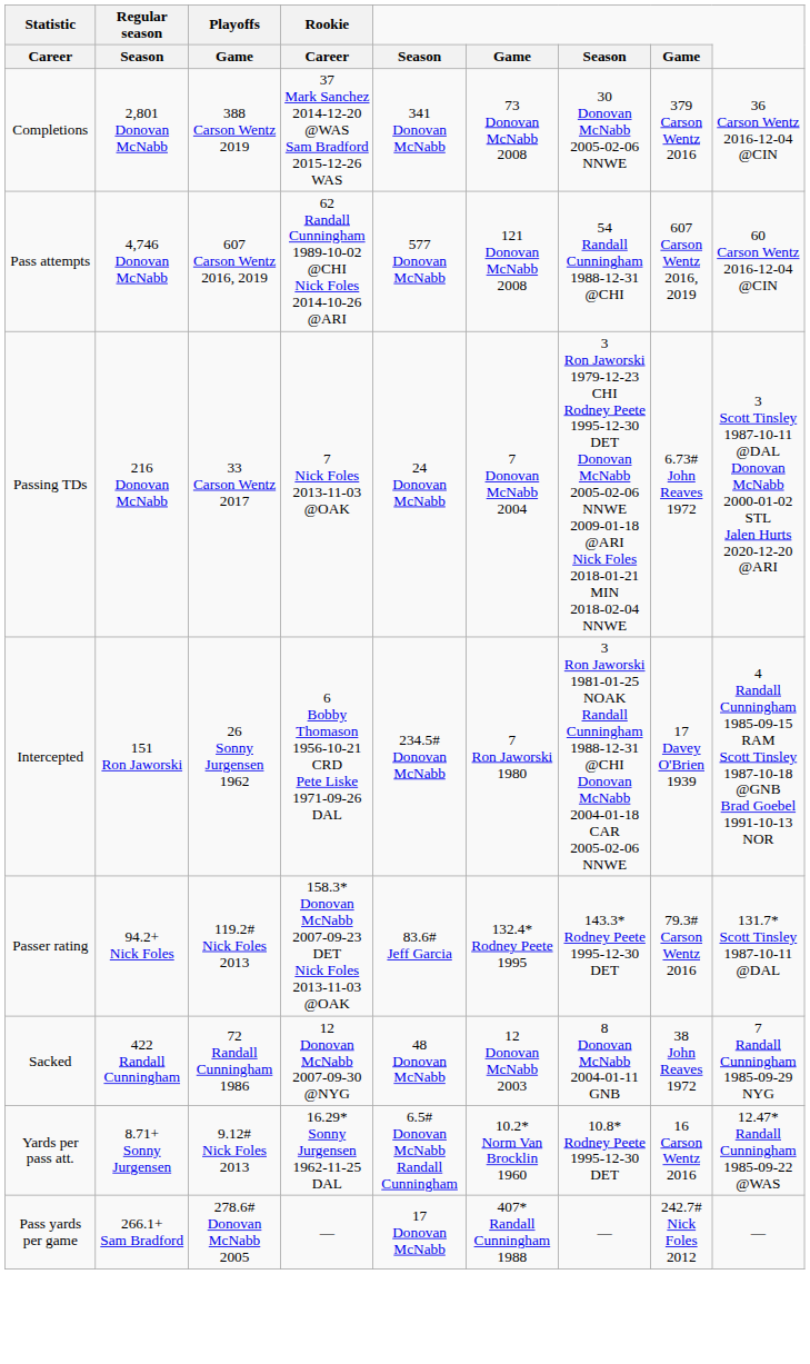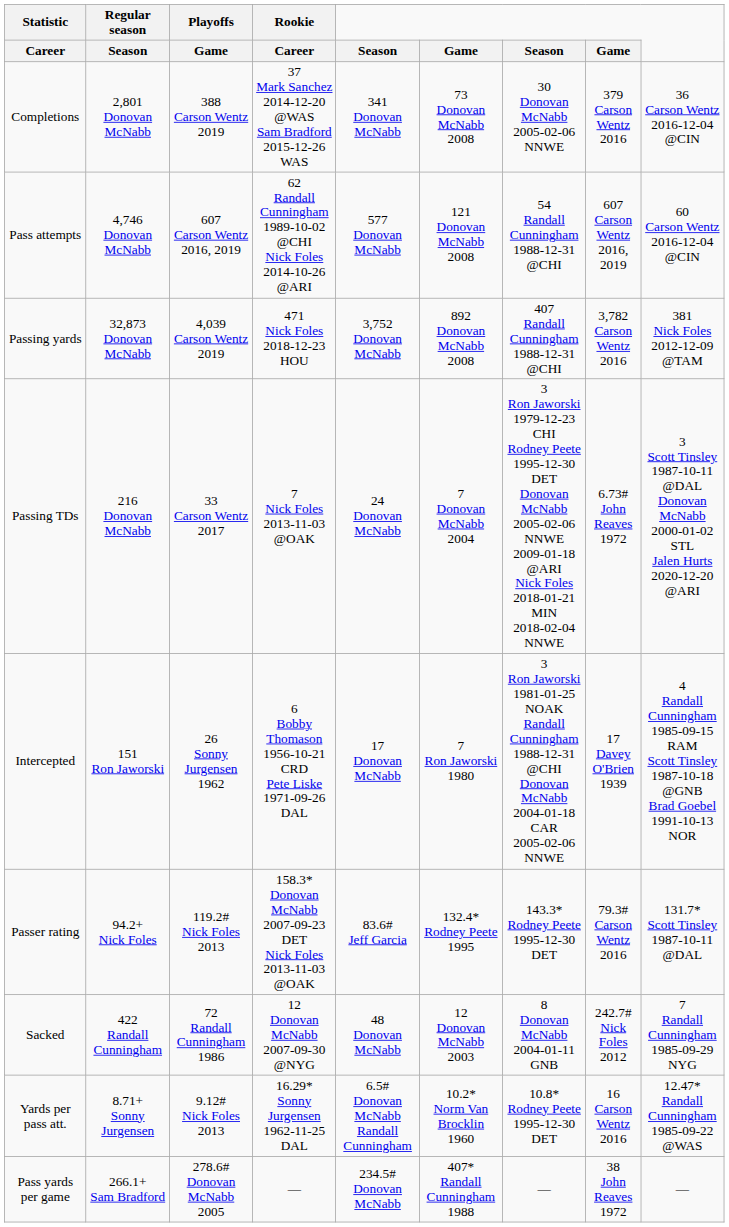 <table class="wikitable" style="text-align:center">
 <tr>
 <th>Statistic</th>
 <th>Regular season</th>
 <th>Playoffs</th>
 <th>Rookie</th>
 </tr>
 <tr>
 <th>Career</th>
 <th>Season</th>
 <th>Game</th>
 <th>Career</th>
 <th>Season</th>
 <th>Game</th>
 <th>Season</th>
 <th>Game</th>
 </tr>
 <tr>
 <td>Completions</td>
 <td>2,801<br><a href='#'>Donovan McNabb</a></td>
 <td>388<br><a href='#'>Carson Wentz</a><br>2019</td>
 <td>37<br><a href='#'>Mark Sanchez</a><br>2014-12-20 @WAS<br><a href='#'>Sam Bradford</a><br>2015-12-26 WAS</td>
 <td>341<br><a href='#'>Donovan McNabb</a></td>
 <td>73<br><a href='#'>Donovan McNabb</a><br>2008</td>
 <td>30<br><a href='#'>Donovan McNabb</a><br>2005-02-06 NNWE</td>
 <td>379<br><a href='#'>Carson Wentz</a><br>2016</td>
 <td>36<br><a href='#'>Carson Wentz</a><br>2016-12-04 @CIN</td>
 </tr>
 <tr>
 <td>Pass attempts</td>
 <td>4,746<br><a href='#'>Donovan McNabb</a></td>
 <td>607<br><a href='#'>Carson Wentz</a><br>2016, 2019</td>
 <td>62<br><a href='#'>Randall Cunningham</a><br>1989-10-02 @CHI<br><a href='#'>Nick Foles</a><br>2014-10-26 @ARI</td>
 <td>577<br><a href='#'>Donovan McNabb</a></td>
 <td>121<br><a href='#'>Donovan McNabb</a><br>2008</td>
 <td>54<br><a href='#'>Randall Cunningham</a><br>1988-12-31 @CHI</td>
 <td>607<br><a href='#'>Carson Wentz</a><br>2016, 2019</td>
 <td>60<br><a href='#'>Carson Wentz</a><br>2016-12-04 @CIN</td>
 </tr>
 <tr>
+<td>Passing yards</td>
+<td>32,873<br><a href='#'>Donovan McNabb</a></td>
+<td>4,039<br><a href='#'>Carson Wentz</a><br>2019</td>
+<td>471<br><a href='#'>Nick Foles</a><br>2018-12-23 HOU</td>
+<td>3,752<br><a href='#'>Donovan McNabb</a></td>
+<td>892<br><a href='#'>Donovan McNabb</a><br>2008</td>
+<td>407<br><a href='#'>Randall Cunningham</a><br>1988-12-31 @CHI</td>
+<td>3,782<br><a href='#'>Carson Wentz</a><br>2016</td>
+<td>381<br><a href='#'>Nick Foles</a><br>2012-12-09 @TAM</td>
+</tr>
+<tr>
 <td>Passing TDs</td>
 <td>216<br><a href='#'>Donovan McNabb</a></td>
 <td>33<br><a href='#'>Carson Wentz</a><br>2017</td>
 <td>7<br><a href='#'>Nick Foles</a><br>2013-11-03 @OAK</td>
 <td>24<br><a href='#'>Donovan McNabb</a></td>
 <td>7<br><a href='#'>Donovan McNabb</a><br>2004</td>
 <td>3<br><a href='#'>Ron Jaworski</a><br>1979-12-23 CHI<br><a href='#'>Rodney Peete</a><br>1995-12-30 DET<br><a href='#'>Donovan McNabb</a><br>2005-02-06 NNWE<br>2009-01-18 @ARI<br><a href='#'>Nick Foles</a><br>2018-01-21 MIN<br>2018-02-04 NNWE</td>
 <td>6.73#<br><a href='#'>John Reaves</a><br>1972</td>
 <td>3<br><a href='#'>Scott Tinsley</a><br>1987-10-11 @DAL<br><a href='#'>Donovan McNabb</a><br>2000-01-02 STL<br><a href='#'>Jalen Hurts</a><br>2020-12-20 @ARI</td>
 </tr>
 <tr>
 <td>Intercepted</td>
 <td>151<br><a href='#'>Ron Jaworski</a></td>
 <td>26<br><a href='#'>Sonny Jurgensen</a><br>1962</td>
 <td>6<br><a href='#'>Bobby Thomason</a><br>1956-10-21 CRD<br><a href='#'>Pete Liske</a><br>1971-09-26 DAL</td>
-<td>234.5#<br><a href='#'>Donovan McNabb</a></td>
+<td>17<br><a href='#'>Donovan McNabb</a></td>
 <td>7<br><a href='#'>Ron Jaworski</a><br>1980</td>
 <td>3<br><a href='#'>Ron Jaworski</a><br>1981-01-25 NOAK<br><a href='#'>Randall Cunningham</a><br>1988-12-31 @CHI<br><a href='#'>Donovan McNabb</a><br>2004-01-18 CAR<br>2005-02-06 NNWE</td>
 <td>17<br><a href='#'>Davey O'Brien</a><br>1939</td>
 <td>4<br><a href='#'>Randall Cunningham</a><br>1985-09-15 RAM<br><a href='#'>Scott Tinsley</a><br>1987-10-18 @GNB<br><a href='#'>Brad Goebel</a><br>1991-10-13 NOR</td>
 </tr>
 <tr>
 <td>Passer rating</td>
 <td>94.2+<br><a href='#'>Nick Foles</a></td>
 <td>119.2#<br><a href='#'>Nick Foles</a><br>2013</td>
 <td>158.3*<br><a href='#'>Donovan McNabb</a><br>2007-09-23 DET<br><a href='#'>Nick Foles</a><br>2013-11-03 @OAK</td>
 <td>83.6#<br><a href='#'>Jeff Garcia</a></td>
 <td>132.4*<br><a href='#'>Rodney Peete</a><br>1995</td>
 <td>143.3*<br><a href='#'>Rodney Peete</a><br>1995-12-30 DET</td>
 <td>79.3#<br><a href='#'>Carson Wentz</a><br>2016</td>
 <td>131.7*<br><a href='#'>Scott Tinsley</a><br>1987-10-11 @DAL</td>
 </tr>
 <tr>
 <td>Sacked</td>
 <td>422<br><a href='#'>Randall Cunningham</a></td>
 <td>72<br><a href='#'>Randall Cunningham</a><br>1986</td>
 <td>12<br><a href='#'>Donovan McNabb</a><br>2007-09-30 @NYG</td>
 <td>48<br><a href='#'>Donovan McNabb</a></td>
 <td>12<br><a href='#'>Donovan McNabb</a><br>2003</td>
 <td>8<br><a href='#'>Donovan McNabb</a><br>2004-01-11 GNB</td>
-<td>38<br><a href='#'>John Reaves</a><br>1972</td>
+<td>242.7#<br><a href='#'>Nick Foles</a><br>2012</td>
 <td>7<br><a href='#'>Randall Cunningham</a><br>1985-09-29 NYG</td>
 </tr>
 <tr>
 <td>Yards per pass att.</td>
 <td>8.71+<br><a href='#'>Sonny Jurgensen</a></td>
 <td>9.12#<br><a href='#'>Nick Foles</a><br>2013</td>
 <td>16.29*<br><a href='#'>Sonny Jurgensen</a><br>1962-11-25 DAL</td>
 <td>6.5#<br><a href='#'>Donovan McNabb</a><br><a href='#'>Randall Cunningham</a></td>
 <td>10.2*<br><a href='#'>Norm Van Brocklin</a><br>1960</td>
 <td>10.8*<br><a href='#'>Rodney Peete</a><br>1995-12-30 DET</td>
 <td>16<br><a href='#'>Carson Wentz</a><br>2016</td>
 <td>12.47*<br><a href='#'>Randall Cunningham</a><br>1985-09-22 @WAS</td>
 </tr>
 <tr>
 <td>Pass yards per game</td>
 <td>266.1+<br><a href='#'>Sam Bradford</a></td>
 <td>278.6#<br><a href='#'>Donovan McNabb</a><br>2005</td>
 <td>—</td>
-<td>17<br><a href='#'>Donovan McNabb</a></td>
+<td>234.5#<br><a href='#'>Donovan McNabb</a></td>
 <td>407*<br><a href='#'>Randall Cunningham</a><br>1988</td>
 <td>—</td>
-<td>242.7#<br><a href='#'>Nick Foles</a><br>2012</td>
+<td>38<br><a href='#'>John Reaves</a><br>1972</td>
 <td>—</td>
 </tr>
 </table>
